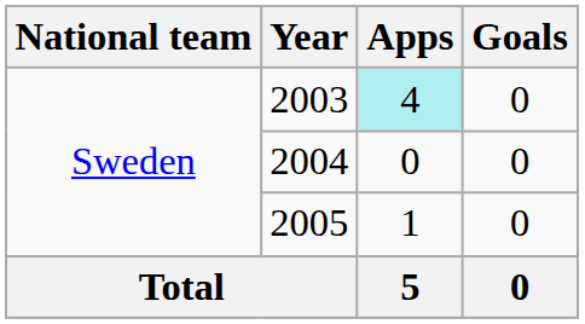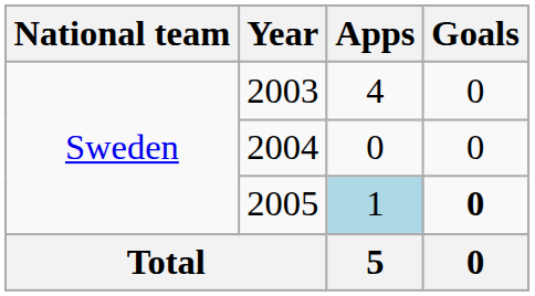 <table class="wikitable" style="text-align:center">
 <tr>
 <th>National team</th>
 <th>Year</th>
 <th>Apps</th>
 <th>Goals</th>
 </tr>
 <tr>
 <td rowspan="3"><a href='#'>Sweden</a></td>
 <td>2003</td>
-<td style="background: paleturquoise;">4</td>
+<td>4</td>
 <td>0</td>
 </tr>
 <tr>
 <td>2004</td>
 <td>0</td>
 <td>0</td>
 </tr>
 <tr>
 <td>2005</td>
-<td>1</td>
-<td>0</td>
+<td style="background: lightblue;">1</td>
+<td><strong>0</strong></td>
 </tr>
 <tr>
 <th colspan="2">Total</th>
 <th>5</th>
 <th>0</th>
 </tr>
 </table>
